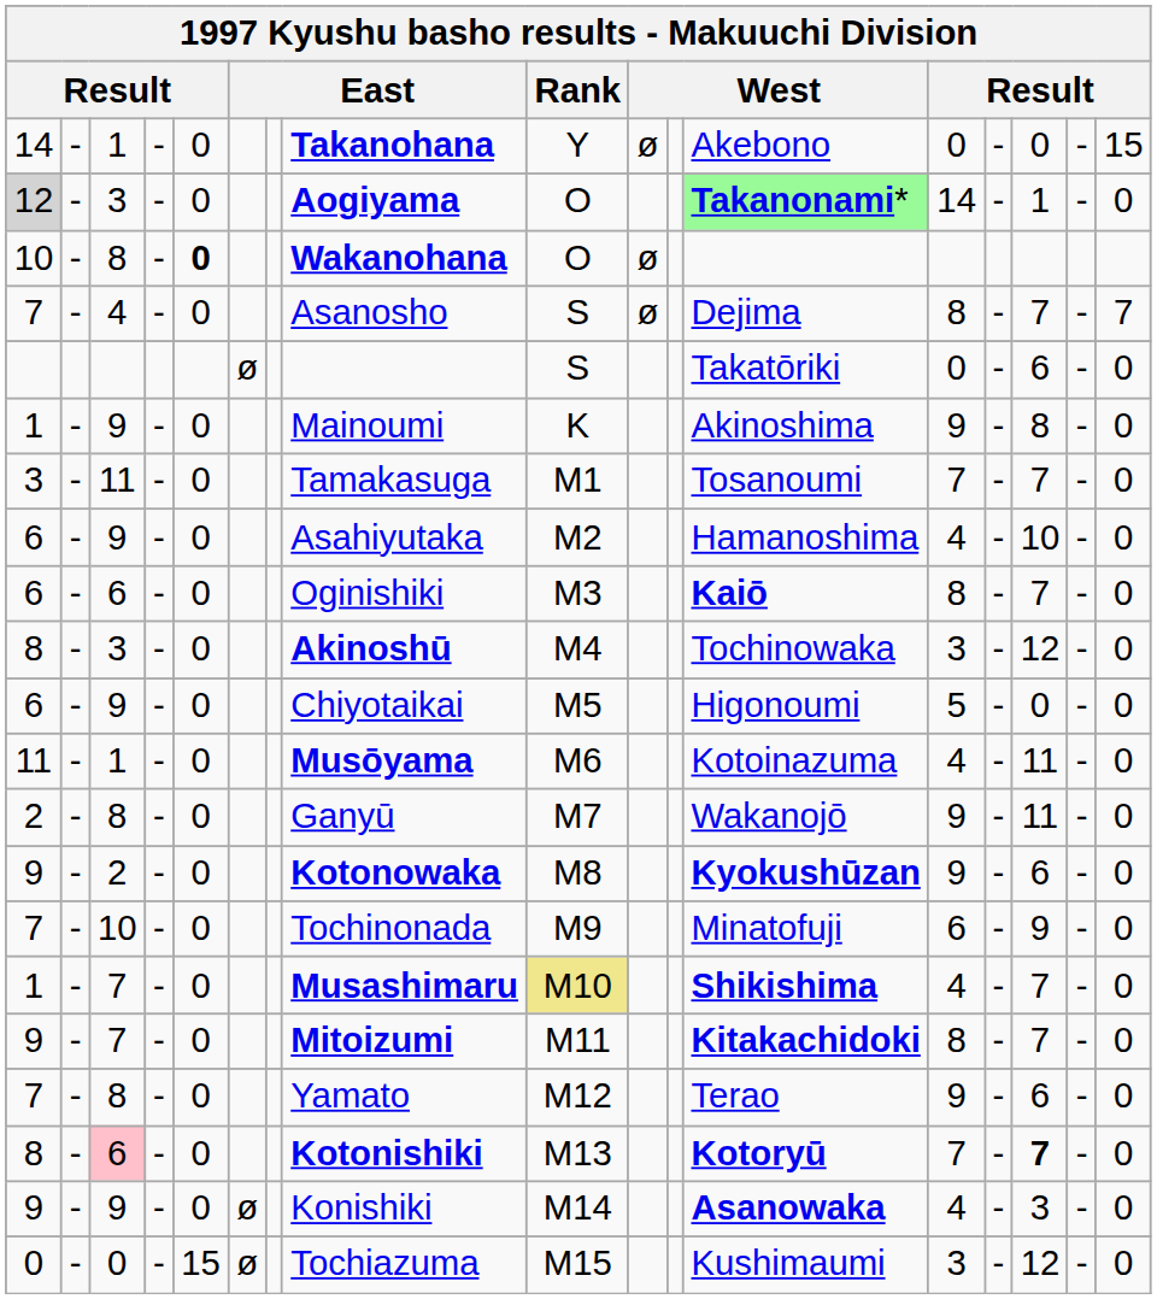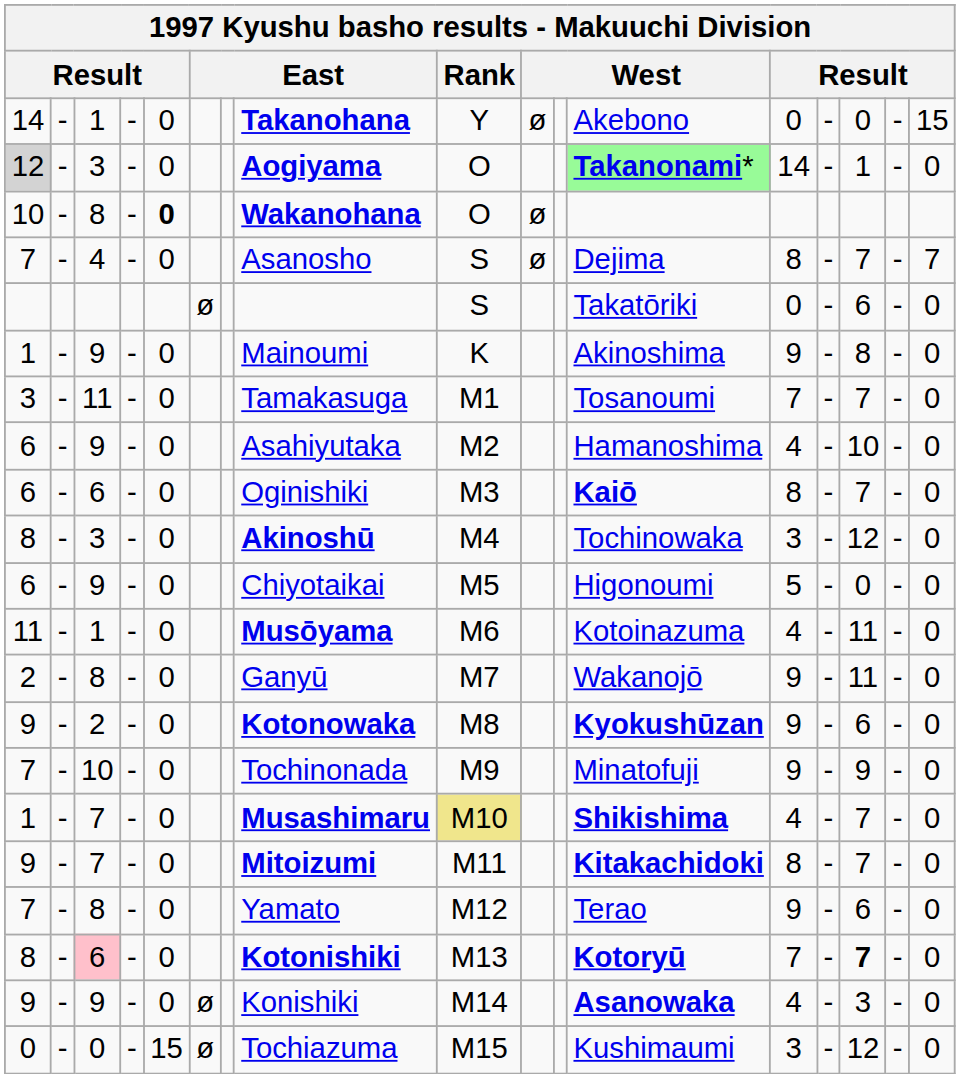 <table class="wikitable">
 <tr>
 <th colspan="17">1997 Kyushu basho results - Makuuchi Division</th>
 </tr>
 <tr>
 <th colspan="5">Result</th>
 <th colspan="3">East</th>
 <th>Rank</th>
 <th colspan="3">West</th>
 <th colspan="5">Result</th>
 </tr>
 <tr>
 <td align=center>14</td>
 <td align=center>-</td>
 <td align=center>1</td>
 <td align=center>-</td>
 <td align=center>0</td>
 <td align=center></td>
 <td align=center></td>
 <td><strong><a href='#'>Takanohana</a></strong></td>
 <td align=center>Y</td>
 <td align=center>ø</td>
 <td align=center></td>
 <td><a href='#'>Akebono</a></td>
 <td align=center>0</td>
 <td align=center>-</td>
 <td align=center>0</td>
 <td align=center>-</td>
 <td align=center>15</td>
 </tr>
 <tr>
 <td align=center style="background: lightgrey;">12</td>
 <td align=center>-</td>
 <td align=center>3</td>
 <td align=center>-</td>
 <td align=center>0</td>
 <td align=center></td>
 <td align=center></td>
 <td><strong><a href='#'>Aogiyama</a></strong></td>
 <td align=center>O</td>
 <td align=center></td>
 <td align=center></td>
 <td style="background: PaleGreen;"><strong><a href='#'>Takanonami</a></strong>*</td>
 <td align=center>14</td>
 <td align=center>-</td>
 <td align=center>1</td>
 <td align=center>-</td>
 <td align=center>0</td>
 </tr>
 <tr>
 <td align=center>10</td>
 <td align=center>-</td>
 <td align=center>8</td>
 <td align=center>-</td>
 <td align=center><strong>0</strong></td>
 <td align=center></td>
 <td align=center></td>
 <td><strong><a href='#'>Wakanohana</a></strong></td>
 <td align=center>O</td>
 <td align=center>ø</td>
 <td align=center></td>
 <td></td>
 <td align=center></td>
 <td align=center></td>
 <td align=center></td>
 <td align=center></td>
 <td align=center></td>
 </tr>
 <tr>
 <td align=center>7</td>
 <td align=center>-</td>
 <td align=center>4</td>
 <td align=center>-</td>
 <td align=center>0</td>
 <td align=center></td>
 <td align=center></td>
 <td><a href='#'>Asanosho</a></td>
 <td align=center>S</td>
 <td align=center>ø</td>
 <td align=center></td>
 <td><a href='#'>Dejima</a></td>
 <td align=center>8</td>
 <td align=center>-</td>
 <td align=center>7</td>
 <td align=center>-</td>
 <td align=center>7</td>
 </tr>
 <tr>
 <td align=center></td>
 <td align=center></td>
 <td align=center></td>
 <td align=center></td>
 <td align=center></td>
 <td align=center>ø</td>
 <td align=center></td>
 <td></td>
 <td align=center>S</td>
 <td align=center></td>
 <td align=center></td>
 <td><a href='#'>Takatōriki</a></td>
 <td align=center>0</td>
 <td align=center>-</td>
 <td align=center>6</td>
 <td align=center>-</td>
 <td align=center>0</td>
 </tr>
 <tr>
 <td align=center>1</td>
 <td align=center>-</td>
 <td align=center>9</td>
 <td align=center>-</td>
 <td align=center>0</td>
 <td align=center></td>
 <td align=center></td>
 <td><a href='#'>Mainoumi</a></td>
 <td align=center>K</td>
 <td align=center></td>
 <td align=center></td>
 <td><a href='#'>Akinoshima</a></td>
 <td align=center>9</td>
 <td align=center>-</td>
 <td align=center>8</td>
 <td align=center>-</td>
 <td align=center>0</td>
 </tr>
 <tr>
 <td align=center>3</td>
 <td align=center>-</td>
 <td align=center>11</td>
 <td align=center>-</td>
 <td align=center>0</td>
 <td align=center></td>
 <td align=center></td>
 <td><a href='#'>Tamakasuga</a></td>
 <td align=center>M1</td>
 <td align=center></td>
 <td align=center></td>
 <td><a href='#'>Tosanoumi</a></td>
 <td align=center>7</td>
 <td align=center>-</td>
 <td align=center>7</td>
 <td align=center>-</td>
 <td align=center>0</td>
 </tr>
 <tr>
 <td align=center>6</td>
 <td align=center>-</td>
 <td align=center>9</td>
 <td align=center>-</td>
 <td align=center>0</td>
 <td align=center></td>
 <td align=center></td>
 <td><a href='#'>Asahiyutaka</a></td>
 <td align=center>M2</td>
 <td align=center></td>
 <td align=center></td>
 <td><a href='#'>Hamanoshima</a></td>
 <td align=center>4</td>
 <td align=center>-</td>
 <td align=center>10</td>
 <td align=center>-</td>
 <td align=center>0</td>
 </tr>
 <tr>
 <td align=center>6</td>
 <td align=center>-</td>
 <td align=center>6</td>
 <td align=center>-</td>
 <td align=center>0</td>
 <td align=center></td>
 <td align=center></td>
 <td><a href='#'>Oginishiki</a></td>
 <td align=center>M3</td>
 <td align=center></td>
 <td align=center></td>
 <td><strong><a href='#'>Kaiō</a></strong></td>
 <td align=center>8</td>
 <td align=center>-</td>
 <td align=center>7</td>
 <td align=center>-</td>
 <td align=center>0</td>
 </tr>
 <tr>
 <td align=center>8</td>
 <td align=center>-</td>
 <td align=center>3</td>
 <td align=center>-</td>
 <td align=center>0</td>
 <td align=center></td>
 <td align=center></td>
 <td><strong><a href='#'>Akinoshū</a></strong></td>
 <td align=center>M4</td>
 <td align=center></td>
 <td align=center></td>
 <td><a href='#'>Tochinowaka</a></td>
 <td align=center>3</td>
 <td align=center>-</td>
 <td align=center>12</td>
 <td align=center>-</td>
 <td align=center>0</td>
 </tr>
 <tr>
 <td align=center>6</td>
 <td align=center>-</td>
 <td align=center>9</td>
 <td align=center>-</td>
 <td align=center>0</td>
 <td align=center></td>
 <td align=center></td>
 <td><a href='#'>Chiyotaikai</a></td>
 <td align=center>M5</td>
 <td align=center></td>
 <td align=center></td>
 <td><a href='#'>Higonoumi</a></td>
 <td align=center>5</td>
 <td align=center>-</td>
 <td align=center>0</td>
 <td align=center>-</td>
 <td align=center>0</td>
 </tr>
 <tr>
 <td align=center>11</td>
 <td align=center>-</td>
 <td align=center>1</td>
 <td align=center>-</td>
 <td align=center>0</td>
 <td align=center></td>
 <td align=center></td>
 <td><strong><a href='#'>Musōyama</a></strong></td>
 <td align=center>M6</td>
 <td align=center></td>
 <td align=center></td>
 <td><a href='#'>Kotoinazuma</a></td>
 <td align=center>4</td>
 <td align=center>-</td>
 <td align=center>11</td>
 <td align=center>-</td>
 <td align=center>0</td>
 </tr>
 <tr>
 <td align=center>2</td>
 <td align=center>-</td>
 <td align=center>8</td>
 <td align=center>-</td>
 <td align=center>0</td>
 <td align=center></td>
 <td align=center></td>
 <td><a href='#'>Ganyū</a></td>
 <td align=center>M7</td>
 <td align=center></td>
 <td align=center></td>
 <td><a href='#'>Wakanojō</a></td>
 <td align=center>9</td>
 <td align=center>-</td>
 <td align=center>11</td>
 <td align=center>-</td>
 <td align=center>0</td>
 </tr>
 <tr>
 <td align=center>9</td>
 <td align=center>-</td>
 <td align=center>2</td>
 <td align=center>-</td>
 <td align=center>0</td>
 <td align=center></td>
 <td align=center></td>
 <td><strong><a href='#'>Kotonowaka</a></strong></td>
 <td align=center>M8</td>
 <td align=center></td>
 <td align=center></td>
 <td><strong><a href='#'>Kyokushūzan</a></strong></td>
 <td align=center>9</td>
 <td align=center>-</td>
 <td align=center>6</td>
 <td align=center>-</td>
 <td align=center>0</td>
 </tr>
 <tr>
 <td align=center>7</td>
 <td align=center>-</td>
 <td align=center>10</td>
 <td align=center>-</td>
 <td align=center>0</td>
 <td align=center></td>
 <td align=center></td>
 <td><a href='#'>Tochinonada</a></td>
 <td align=center>M9</td>
 <td align=center></td>
 <td align=center></td>
 <td><a href='#'>Minatofuji</a></td>
-<td align=center>6</td>
+<td align=center>9</td>
 <td align=center>-</td>
 <td align=center>9</td>
 <td align=center>-</td>
 <td align=center>0</td>
 </tr>
 <tr>
 <td align=center>1</td>
 <td align=center>-</td>
 <td align=center>7</td>
 <td align=center>-</td>
 <td align=center>0</td>
 <td align=center></td>
 <td align=center></td>
 <td><strong><a href='#'>Musashimaru</a></strong></td>
 <td align=center style="background: khaki;">M10</td>
 <td align=center></td>
 <td align=center></td>
 <td><strong><a href='#'>Shikishima</a></strong></td>
 <td align=center>4</td>
 <td align=center>-</td>
 <td align=center>7</td>
 <td align=center>-</td>
 <td align=center>0</td>
 </tr>
 <tr>
 <td align=center>9</td>
 <td align=center>-</td>
 <td align=center>7</td>
 <td align=center>-</td>
 <td align=center>0</td>
 <td align=center></td>
 <td align=center></td>
 <td><strong><a href='#'>Mitoizumi</a></strong></td>
 <td align=center>M11</td>
 <td align=center></td>
 <td align=center></td>
 <td><strong><a href='#'>Kitakachidoki</a></strong></td>
 <td align=center>8</td>
 <td align=center>-</td>
 <td align=center>7</td>
 <td align=center>-</td>
 <td align=center>0</td>
 </tr>
 <tr>
 <td align=center>7</td>
 <td align=center>-</td>
 <td align=center>8</td>
 <td align=center>-</td>
 <td align=center>0</td>
 <td align=center></td>
 <td align=center></td>
 <td><a href='#'>Yamato</a></td>
 <td align=center>M12</td>
 <td align=center></td>
 <td align=center></td>
 <td><a href='#'>Terao</a></td>
 <td align=center>9</td>
 <td align=center>-</td>
 <td align=center>6</td>
 <td align=center>-</td>
 <td align=center>0</td>
 </tr>
 <tr>
 <td align=center>8</td>
 <td align=center>-</td>
 <td align=center style="background: pink;">6</td>
 <td align=center>-</td>
 <td align=center>0</td>
 <td align=center></td>
 <td align=center></td>
 <td><strong><a href='#'>Kotonishiki</a></strong></td>
 <td align=center>M13</td>
 <td align=center></td>
 <td align=center></td>
 <td><strong><a href='#'>Kotoryū</a></strong></td>
 <td align=center>7</td>
 <td align=center>-</td>
 <td align=center><strong>7</strong></td>
 <td align=center>-</td>
 <td align=center>0</td>
 </tr>
 <tr>
 <td align=center>9</td>
 <td align=center>-</td>
 <td align=center>9</td>
 <td align=center>-</td>
 <td align=center>0</td>
 <td align=center>ø</td>
 <td align=center></td>
 <td><a href='#'>Konishiki</a></td>
 <td align=center>M14</td>
 <td align=center></td>
 <td align=center></td>
 <td><strong><a href='#'>Asanowaka</a></strong></td>
 <td align=center>4</td>
 <td align=center>-</td>
 <td align=center>3</td>
 <td align=center>-</td>
 <td align=center>0</td>
 </tr>
 <tr>
 <td align=center>0</td>
 <td align=center>-</td>
 <td align=center>0</td>
 <td align=center>-</td>
 <td align=center>15</td>
 <td align=center>ø</td>
 <td align=center></td>
 <td><a href='#'>Tochiazuma</a></td>
 <td align=center>M15</td>
 <td align=center></td>
 <td align=center></td>
 <td><a href='#'>Kushimaumi</a></td>
 <td align=center>3</td>
 <td align=center>-</td>
 <td align=center>12</td>
 <td align=center>-</td>
 <td align=center>0</td>
 </tr>
 </table>
